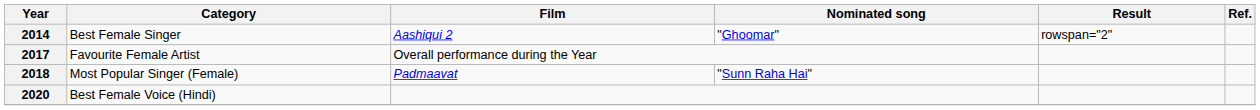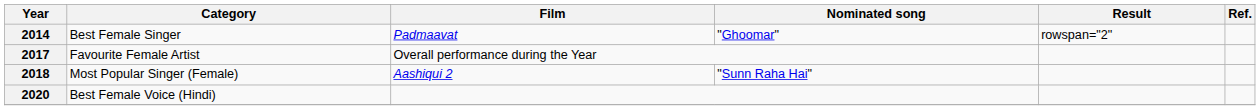 <table class="wikitable plainrowheaders" width="100%" textcolor:#000;">
 <tr>
 <th scope="col" width=5%><strong>Year</strong></th>
 <th scope="col" width=26%><strong>Category</strong></th>
 <th scope="col" width=26%><strong>Film</strong></th>
 <th scope="col" width=26%><strong>Nominated song</strong></th>
 <th scope="col" width=15%><strong>Result</strong></th>
 <th scope="col" width=2%><strong>Ref.</strong></th>
 </tr>
 <tr>
 <th scope="row">2014</th>
 <td>Best Female Singer</td>
-<td><em><a href='#'>Aashiqui 2</a></em></td>
+<td><em><a href='#'>Padmaavat</a></em></td>
 <td>"<a href='#'>Ghoomar</a>"</td>
 <td>rowspan="2" </td>
 <td></td>
 </tr>
 <tr>
 <th scope="row">2017</th>
 <td>Favourite Female Artist</td>
 <td colspan="2">Overall performance during the Year</td>
 <td><br></td>
 </tr>
 <tr>
 <th scope="row">2018</th>
 <td>Most Popular Singer (Female)</td>
-<td><em><a href='#'>Padmaavat</a></em></td>
+<td><em><a href='#'>Aashiqui 2</a></em></td>
 <td>"<a href='#'>Sunn Raha Hai</a>"</td>
 <td></td>
 <td></td>
 </tr>
 <tr>
 <th scope="row">2020</th>
 <td>Best Female Voice (Hindi)</td>
 <td Colspan="2"></td>
 <td></td>
 <td></td>
 </tr>
 <tr>
 </tr>
 </table>
